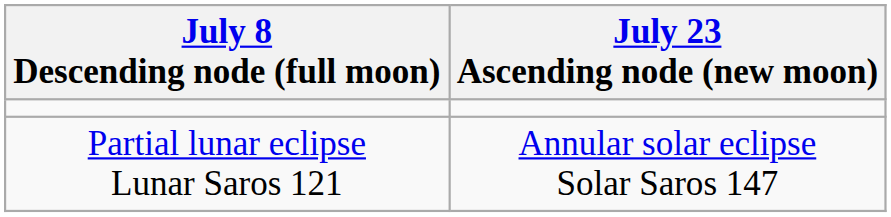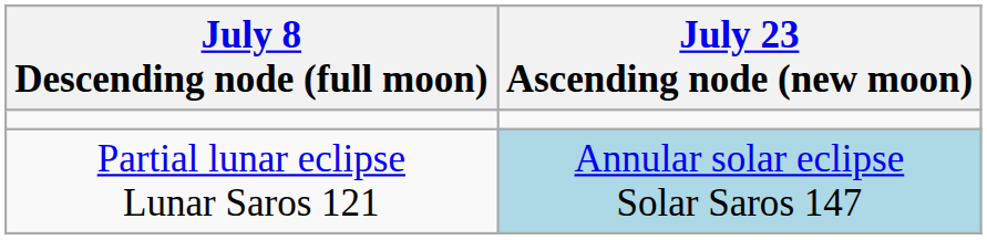 <table class="wikitable">
 <tr>
 <th><a href='#'>July 8</a><br>Descending node (full moon)<br></th>
 <th><a href='#'>July 23</a><br>Ascending node (new moon)<br></th>
 </tr>
 <tr>
 <td></td>
 <td></td>
 </tr>
 <tr align=center>
 <td><a href='#'>Partial lunar eclipse</a><br>Lunar Saros 121</td>
-<td><a href='#'>Annular solar eclipse</a><br>Solar Saros 147</td>
+<td style="background: lightblue;"><a href='#'>Annular solar eclipse</a><br>Solar Saros 147</td>
 </tr>
 </table>
